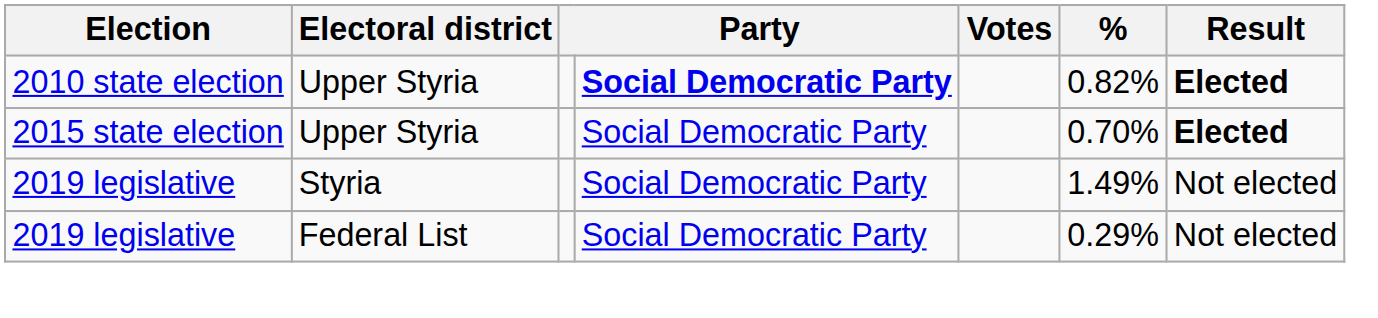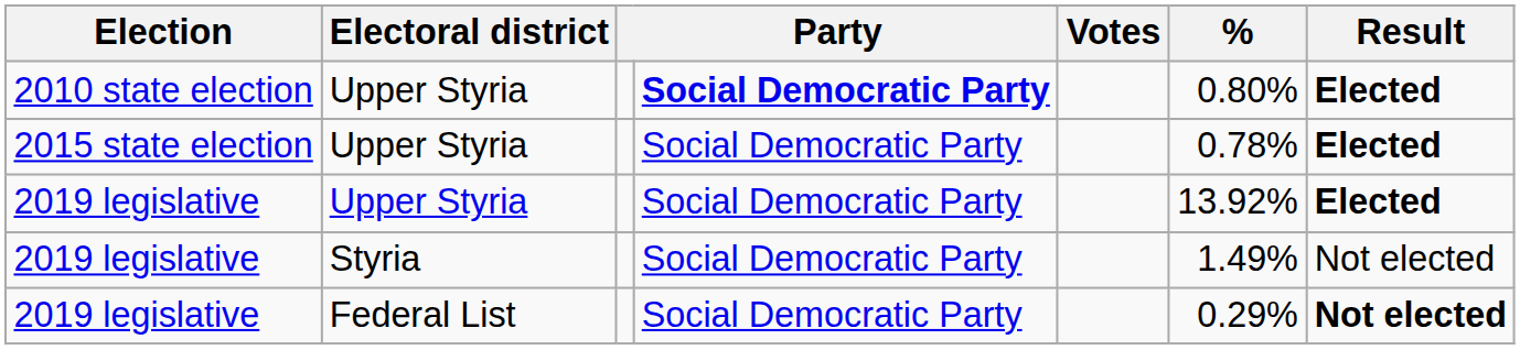 <table class="wikitable" style="text-align:left;">
 <tr>
 <th scope=col>Election</th>
 <th scope=col>Electoral district</th>
 <th scope=col colspan="2">Party</th>
 <th scope=col>Votes</th>
 <th scope=col>%</th>
 <th scope=col>Result</th>
 </tr>
 <tr>
 <td><a href='#'>2010 state election</a></td>
 <td>Upper Styria</td>
 <td style="background:"></td>
 <td><strong><a href='#'>Social Democratic Party</a></strong></td>
 <td align=right></td>
-<td align=right>0.82%</td>
+<td align=right>0.80%</td>
 <td><strong>Elected</strong></td>
 </tr>
 <tr>
 <td><a href='#'>2015 state election</a></td>
 <td>Upper Styria</td>
 <td style="background:"></td>
 <td><a href='#'>Social Democratic Party</a></td>
 <td align=right></td>
-<td align=right>0.70%</td>
+<td align=right>0.78%</td>
+<td><strong>Elected</strong></td>
+</tr>
+<tr>
+<td><a href='#'>2019 legislative</a></td>
+<td><a href='#'>Upper Styria</a></td>
+<td style="background:"></td>
+<td><a href='#'>Social Democratic Party</a></td>
+<td align=right></td>
+<td align=right>13.92%</td>
 <td><strong>Elected</strong></td>
 </tr>
 <tr>
 <td><a href='#'>2019 legislative</a></td>
 <td>Styria</td>
 <td style="background:"></td>
 <td><a href='#'>Social Democratic Party</a></td>
 <td align=right></td>
 <td align=right>1.49%</td>
 <td>Not elected</td>
 </tr>
 <tr>
 <td><a href='#'>2019 legislative</a></td>
 <td>Federal List</td>
 <td style="background:"></td>
 <td><a href='#'>Social Democratic Party</a></td>
 <td align=right></td>
 <td align=right>0.29%</td>
-<td>Not elected</td>
+<td><strong>Not elected</strong></td>
 </tr>
 </table>
